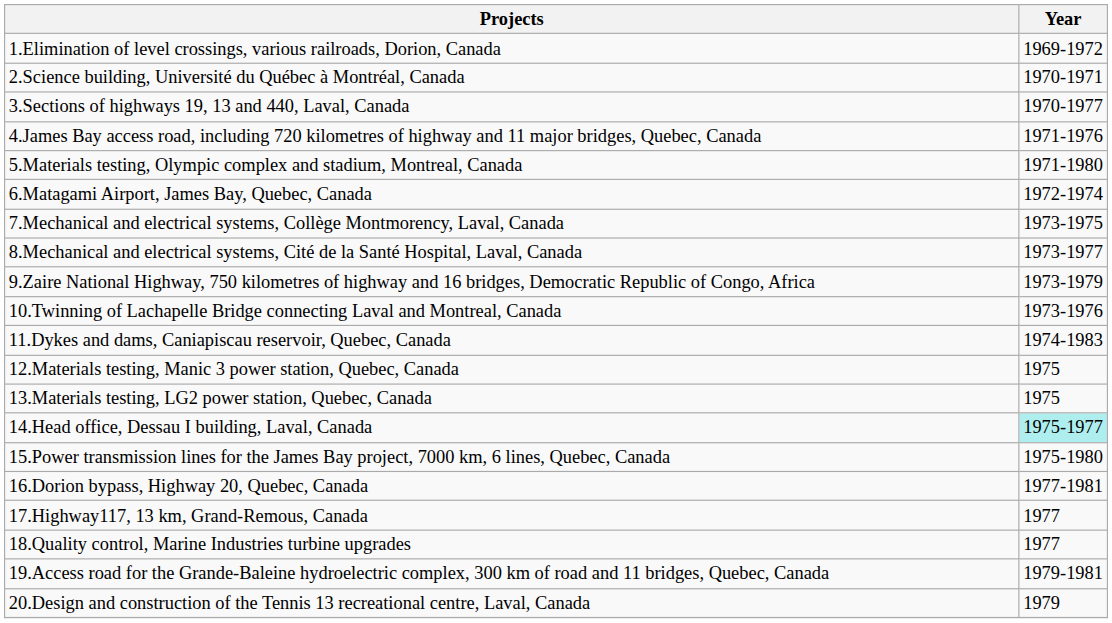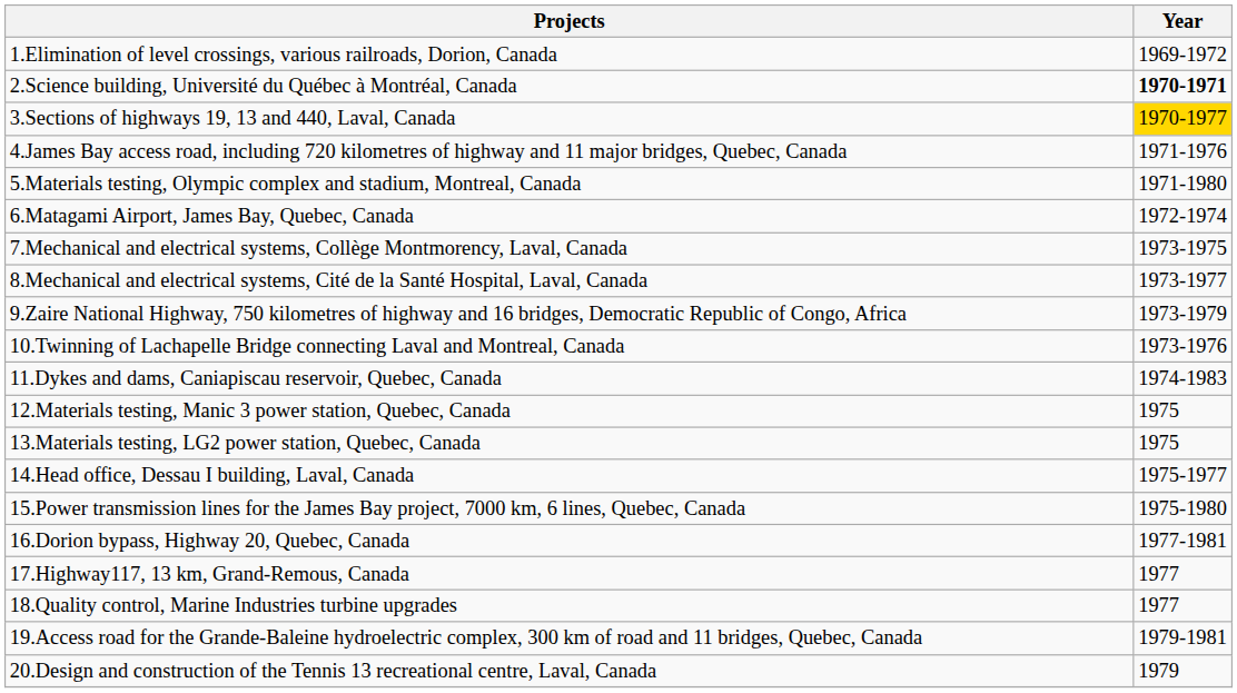 <table class="wikitable">
 <tr>
 <th>Projects</th>
 <th width="8%">Year</th>
 </tr>
 <tr>
 <td>1.Elimination of level crossings, various railroads, Dorion, Canada</td>
 <td>1969-1972</td>
 </tr>
 <tr>
 <td>2.Science building, Université du Québec à Montréal, Canada</td>
-<td>1970-1971</td>
+<td><strong>1970-1971</strong></td>
 </tr>
 <tr>
 <td>3.Sections of highways 19, 13 and 440, Laval, Canada</td>
-<td>1970-1977</td>
+<td style="background: gold;">1970-1977</td>
 </tr>
 <tr>
 <td>4.James Bay access road, including 720 kilometres of highway and 11 major bridges, Quebec, Canada</td>
 <td>1971-1976</td>
 </tr>
 <tr>
 <td>5.Materials testing, Olympic complex and stadium, Montreal, Canada</td>
 <td>1971-1980</td>
 </tr>
 <tr>
 <td>6.Matagami Airport, James Bay, Quebec, Canada</td>
 <td>1972-1974</td>
 </tr>
 <tr>
 <td>7.Mechanical and electrical systems, Collège Montmorency, Laval, Canada</td>
 <td>1973-1975</td>
 </tr>
 <tr>
 <td>8.Mechanical and electrical systems, Cité de la Santé Hospital, Laval, Canada</td>
 <td>1973-1977</td>
 </tr>
 <tr>
 <td>9.Zaire National Highway, 750 kilometres of highway and 16 bridges, Democratic Republic of Congo, Africa</td>
 <td>1973-1979</td>
 </tr>
 <tr>
 <td>10.Twinning of Lachapelle Bridge connecting Laval and Montreal, Canada</td>
 <td>1973-1976</td>
 </tr>
 <tr>
 <td>11.Dykes and dams, Caniapiscau reservoir, Quebec, Canada</td>
 <td>1974-1983</td>
 </tr>
 <tr>
 <td>12.Materials testing, Manic 3 power station, Quebec, Canada</td>
 <td>1975</td>
 </tr>
 <tr>
 <td>13.Materials testing, LG2 power station, Quebec, Canada</td>
 <td>1975</td>
 </tr>
 <tr>
 <td>14.Head office, Dessau I building, Laval, Canada</td>
-<td style="background: paleturquoise;">1975-1977</td>
+<td>1975-1977</td>
 </tr>
 <tr>
 <td>15.Power transmission lines for the James Bay project, 7000 km, 6 lines, Quebec, Canada</td>
 <td>1975-1980</td>
 </tr>
 <tr>
 <td>16.Dorion bypass, Highway 20, Quebec, Canada</td>
 <td>1977-1981</td>
 </tr>
 <tr>
 <td>17.Highway117, 13 km, Grand-Remous, Canada</td>
 <td>1977</td>
 </tr>
 <tr>
 <td>18.Quality control, Marine Industries turbine upgrades</td>
 <td>1977</td>
 </tr>
 <tr>
 <td>19.Access road for the Grande-Baleine hydroelectric complex, 300 km of road and 11 bridges, Quebec, Canada</td>
 <td>1979-1981</td>
 </tr>
 <tr>
 <td>20.Design and construction of the Tennis 13 recreational centre, Laval, Canada</td>
 <td>1979</td>
 </tr>
 <tr>
 </tr>
 </table>
